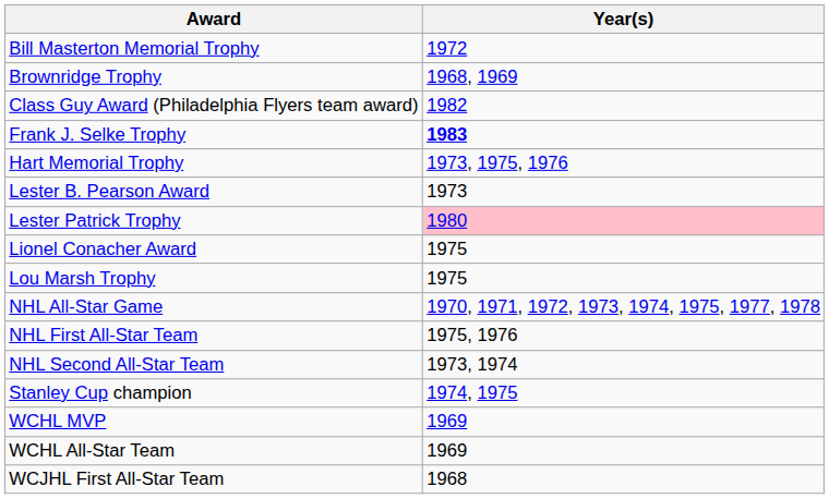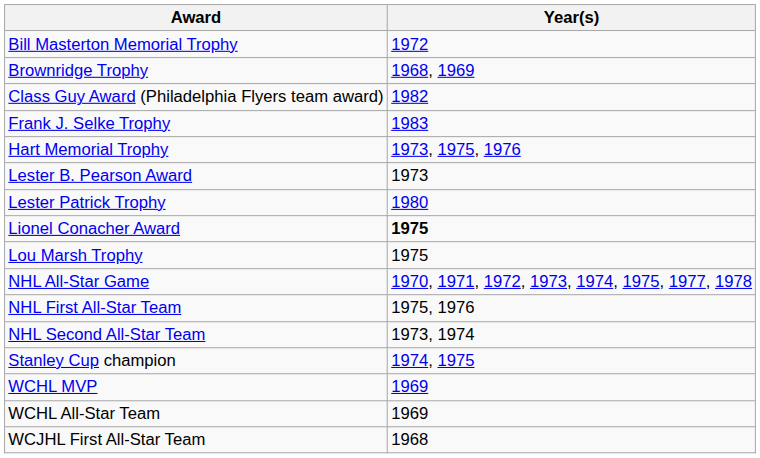 <table class="wikitable">
 <tr>
 <th>Award</th>
 <th>Year(s)</th>
 </tr>
 <tr>
 <td><a href='#'>Bill Masterton Memorial Trophy</a></td>
 <td><a href='#'>1972</a></td>
 </tr>
 <tr>
 <td><a href='#'>Brownridge Trophy</a></td>
 <td><a href='#'>1968</a>, <a href='#'>1969</a></td>
 </tr>
 <tr>
 <td><a href='#'>Class Guy Award</a> (Philadelphia Flyers team award)</td>
 <td><a href='#'>1982</a></td>
 </tr>
 <tr>
 <td><a href='#'>Frank J. Selke Trophy</a></td>
-<td><strong><a href='#'>1983</a></strong></td>
+<td><a href='#'>1983</a></td>
 </tr>
 <tr>
 <td><a href='#'>Hart Memorial Trophy</a></td>
 <td><a href='#'>1973</a>, <a href='#'>1975</a>, <a href='#'>1976</a></td>
 </tr>
 <tr>
 <td><a href='#'>Lester B. Pearson Award</a></td>
 <td>1973</td>
 </tr>
 <tr>
 <td><a href='#'>Lester Patrick Trophy</a></td>
-<td style="background: pink;"><a href='#'>1980</a></td>
+<td><a href='#'>1980</a></td>
 </tr>
 <tr>
 <td><a href='#'>Lionel Conacher Award</a></td>
-<td>1975</td>
+<td><strong>1975</strong></td>
 </tr>
 <tr>
 <td><a href='#'>Lou Marsh Trophy</a></td>
 <td>1975</td>
 </tr>
 <tr>
 <td><a href='#'>NHL All-Star Game</a></td>
 <td><a href='#'>1970</a>, <a href='#'>1971</a>, <a href='#'>1972</a>, <a href='#'>1973</a>, <a href='#'>1974</a>, <a href='#'>1975</a>, <a href='#'>1977</a>, <a href='#'>1978</a></td>
 </tr>
 <tr>
 <td><a href='#'>NHL First All-Star Team</a></td>
 <td>1975, 1976</td>
 </tr>
 <tr>
 <td><a href='#'>NHL Second All-Star Team</a></td>
 <td>1973, 1974</td>
 </tr>
 <tr>
 <td><a href='#'>Stanley Cup</a> champion</td>
 <td><a href='#'>1974</a>, <a href='#'>1975</a></td>
 </tr>
 <tr>
 <td><a href='#'>WCHL MVP</a></td>
 <td><a href='#'>1969</a></td>
 </tr>
 <tr>
 <td>WCHL All-Star Team</td>
 <td>1969</td>
 </tr>
 <tr>
 <td>WCJHL First All-Star Team</td>
 <td>1968</td>
 </tr>
 </table>
